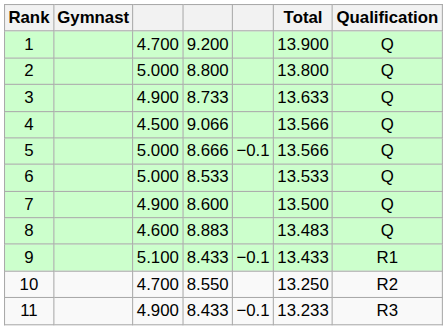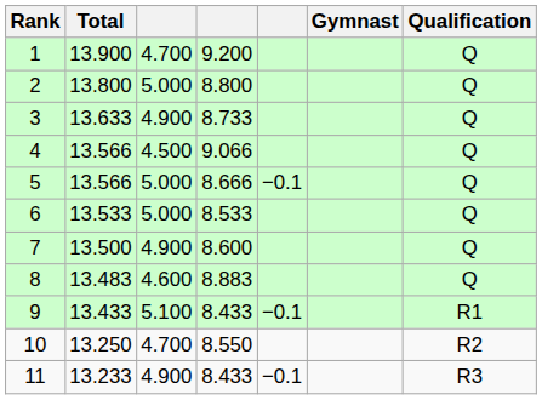 <table class="wikitable sortable" style="text-align:center">
 <tr>
 <th>Rank</th>
-<th>Gymnast</th>
+<th>Total</th>
 <th><small></small></th>
 <th><small></small></th>
 <th><small></small></th>
-<th>Total</th>
+<th>Gymnast</th>
 <th>Qualification</th>
 </tr>
 <tr bgcolor=ccffcc>
 <td>1</td>
-<td align=left></td>
+<td>13.900</td>
 <td>4.700</td>
 <td>9.200</td>
 <td></td>
-<td>13.900</td>
+<td align=left></td>
 <td>Q</td>
 </tr>
 <tr bgcolor=ccffcc>
 <td>2</td>
-<td align=left></td>
+<td>13.800</td>
 <td>5.000</td>
 <td>8.800</td>
 <td></td>
-<td>13.800</td>
+<td align=left></td>
 <td>Q</td>
 </tr>
 <tr bgcolor=ccffcc>
 <td>3</td>
-<td align=left></td>
+<td>13.633</td>
 <td>4.900</td>
 <td>8.733</td>
 <td></td>
-<td>13.633</td>
+<td align=left></td>
 <td>Q</td>
 </tr>
 <tr bgcolor=ccffcc>
 <td>4</td>
-<td align=left></td>
+<td>13.566</td>
 <td>4.500</td>
 <td>9.066</td>
 <td></td>
-<td>13.566</td>
+<td align=left></td>
 <td>Q</td>
 </tr>
 <tr bgcolor=ccffcc>
 <td>5</td>
-<td align="left"></td>
+<td>13.566</td>
 <td>5.000</td>
 <td>8.666</td>
 <td>−0.1</td>
-<td>13.566</td>
+<td align="left"></td>
 <td>Q</td>
 </tr>
 <tr bgcolor=ccffcc>
 <td>6</td>
-<td align=left></td>
+<td>13.533</td>
 <td>5.000</td>
 <td>8.533</td>
 <td></td>
-<td>13.533</td>
+<td align=left></td>
 <td>Q</td>
 </tr>
 <tr bgcolor=ccffcc>
 <td>7</td>
-<td align=left></td>
+<td>13.500</td>
 <td>4.900</td>
 <td>8.600</td>
 <td></td>
-<td>13.500</td>
+<td align=left></td>
 <td>Q</td>
 </tr>
 <tr bgcolor=ccffcc>
 <td>8</td>
-<td align=left></td>
+<td>13.483</td>
 <td>4.600</td>
 <td>8.883</td>
 <td></td>
-<td>13.483</td>
+<td align=left></td>
 <td>Q</td>
 </tr>
 <tr bgcolor=ccffcc>
 <td>9</td>
-<td align=left></td>
+<td>13.433</td>
 <td>5.100</td>
 <td>8.433</td>
 <td>−0.1</td>
-<td>13.433</td>
+<td align=left></td>
 <td>R1</td>
 </tr>
 <tr>
 <td>10</td>
-<td align=left></td>
+<td>13.250</td>
 <td>4.700</td>
 <td>8.550</td>
 <td></td>
-<td>13.250</td>
+<td align=left></td>
 <td>R2</td>
 </tr>
 <tr>
 <td>11</td>
-<td align=left></td>
+<td>13.233</td>
 <td>4.900</td>
 <td>8.433</td>
 <td>−0.1</td>
-<td>13.233</td>
+<td align=left></td>
 <td>R3</td>
 </tr>
 </table>
